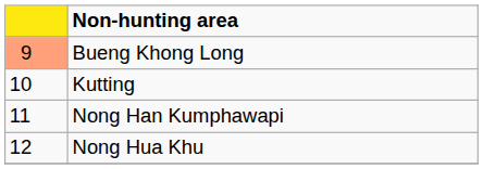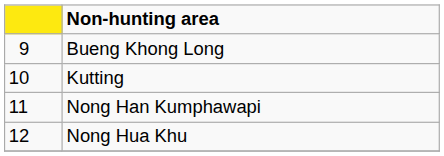 <table class= "wikitable" style= "width:30%; display:inline-table;">
 <tr>
 <td style="width:3%; background:#FDE910;"> </td>
 <td style="width:27%;"><strong>Non-hunting area</strong></td>
 </tr>
 <tr>
-<td style="background: lightsalmon;">  9</td>
+<td>  9</td>
 <td>Bueng Khong Long</td>
 </tr>
 <tr>
 <td>10</td>
 <td>Kutting</td>
 </tr>
 <tr>
 <td>11</td>
 <td>Nong Han Kumphawapi</td>
 </tr>
 <tr>
 <td>12</td>
 <td>Nong Hua Khu</td>
 </tr>
 <tr>
 </tr>
 </table>
